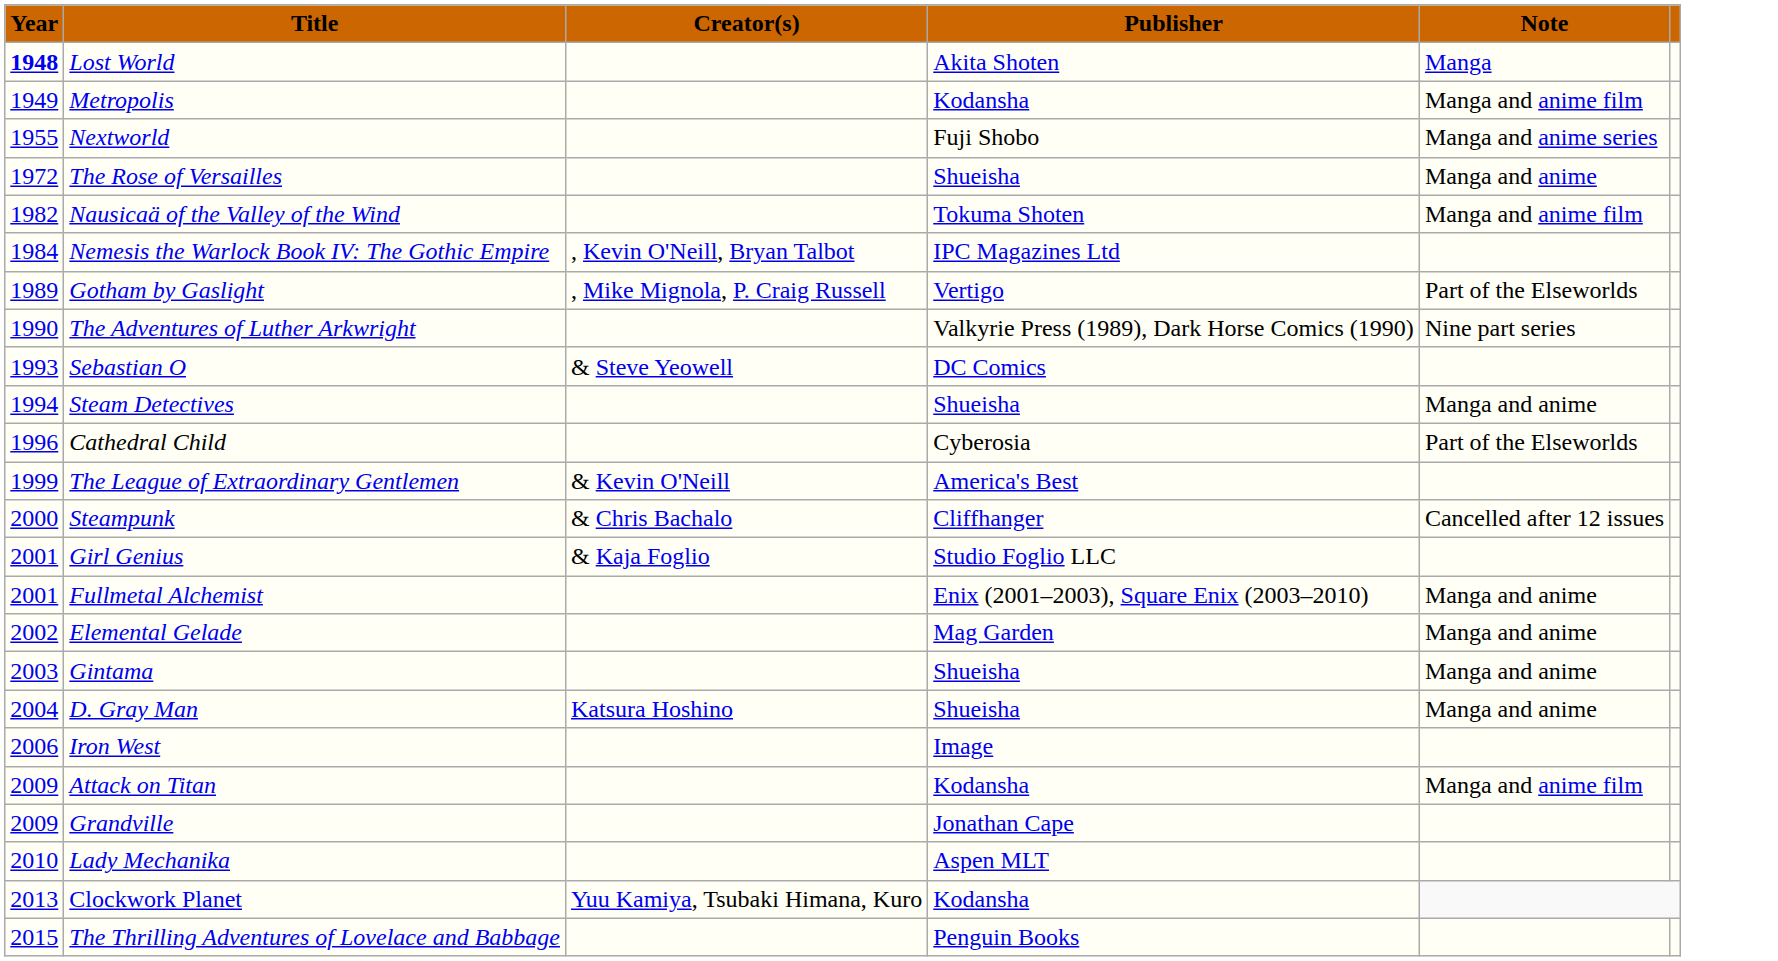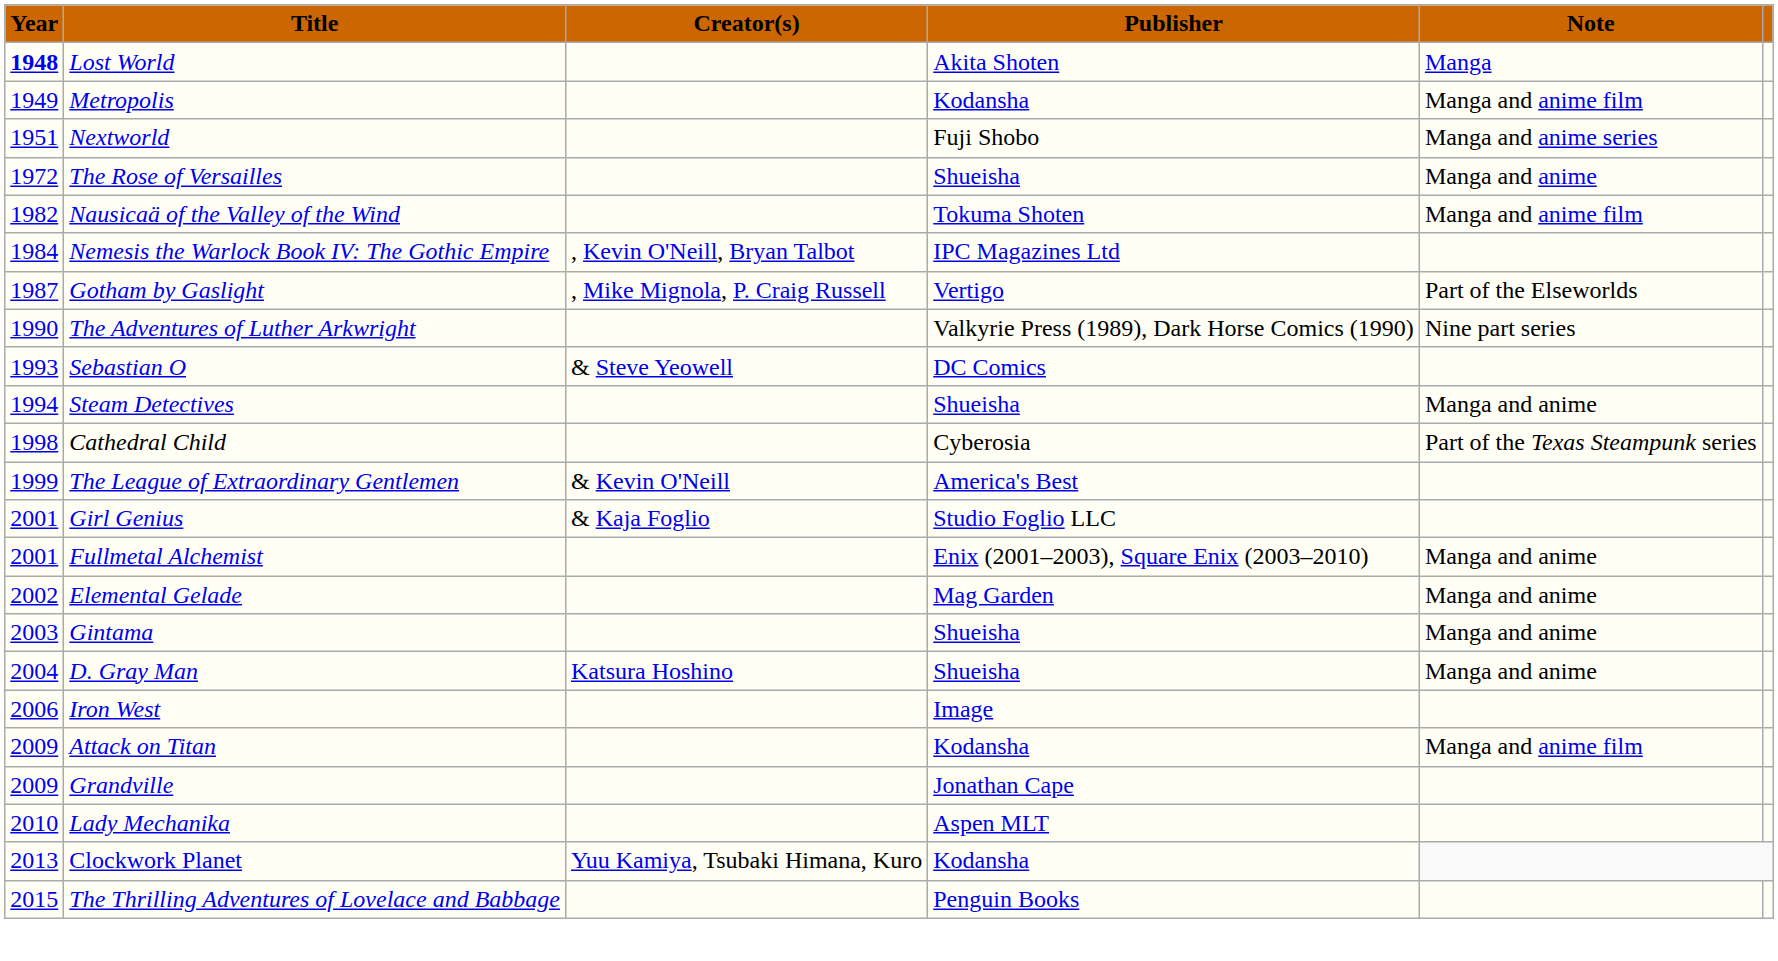 <table class="sortable wikitable">
 <tr>
 <th style="background:#c60; width=9%">Year</th>
 <th style="background:#c60; width=25%">Title</th>
 <th style="background:#c60; width=25%">Creator(s)</th>
 <th style="background:#c60; width=10%">Publisher</th>
 <th style="background:#c60; width=3%">Note</th>
 <th style="background:#c60; width=3%" class="unsortable"></th>
 </tr>
 <tr style="background:#fffff6">
 <td style="text-align:center;"><strong><a href='#'>1948</a></strong></td>
 <td><em><a href='#'>Lost World</a></em></td>
 <td></td>
 <td><a href='#'>Akita Shoten</a></td>
 <td><a href='#'>Manga</a></td>
 <td style="text-align:center;"></td>
 </tr>
 <tr style="background:#fffff6">
 <td style="text-align:center;"><a href='#'>1949</a></td>
 <td><em><a href='#'>Metropolis</a></em></td>
 <td></td>
 <td><a href='#'>Kodansha</a></td>
 <td>Manga and <a href='#'>anime film</a></td>
 <td style="text-align:center;"></td>
 </tr>
 <tr style="background:#fffff6">
-<td style="text-align:center;"><a href='#'>1955</a></td>
+<td style="text-align:center;"><a href='#'>1951</a></td>
 <td><em><a href='#'>Nextworld</a></em></td>
 <td></td>
 <td>Fuji Shobo</td>
 <td>Manga and <a href='#'>anime series</a></td>
 <td style="text-align:center;"></td>
 </tr>
 <tr style="background:#fffff6">
 <td style="text-align:center;"><a href='#'>1972</a></td>
 <td><em><a href='#'>The Rose of Versailles</a></em></td>
 <td></td>
 <td><a href='#'>Shueisha</a></td>
 <td>Manga and <a href='#'>anime</a></td>
 <td style="text-align:center;"></td>
 </tr>
 <tr style="background:#fffff6">
 <td style="text-align:center;"><a href='#'>1982</a></td>
 <td><em><a href='#'>Nausicaä of the Valley of the Wind</a></em></td>
 <td></td>
 <td><a href='#'>Tokuma Shoten</a></td>
 <td>Manga and <a href='#'>anime film</a></td>
 <td style="text-align:center;"></td>
 </tr>
 <tr style="background:#fffff6">
 <td style="text-align:center;"><a href='#'>1984</a></td>
 <td><em><a href='#'>Nemesis the Warlock Book IV: The Gothic Empire</a></em></td>
 <td>, <a href='#'>Kevin O'Neill</a>, <a href='#'>Bryan Talbot</a></td>
 <td><a href='#'>IPC Magazines Ltd</a></td>
 <td></td>
 <td style="text-align:center;"></td>
 </tr>
 <tr style="background:#fffff6">
-<td style="text-align:center;"><a href='#'>1989</a></td>
+<td style="text-align:center;"><a href='#'>1987</a></td>
 <td><em><a href='#'>Gotham by Gaslight</a></em></td>
 <td>, <a href='#'>Mike Mignola</a>, <a href='#'>P. Craig Russell</a></td>
 <td><a href='#'>Vertigo</a></td>
 <td>Part of the Elseworlds</td>
 <td style="text-align:center;"></td>
 </tr>
 <tr style="background:#fffff6">
 <td style="text-align:center;"><a href='#'>1990</a></td>
 <td><em><a href='#'>The Adventures of Luther Arkwright</a></em></td>
 <td></td>
 <td>Valkyrie Press (1989), Dark Horse Comics (1990)</td>
 <td>Nine part series</td>
 <td style="text-align:center;"></td>
 </tr>
 <tr style="background:#fffff6">
 <td style="text-align:center;"><a href='#'>1993</a></td>
 <td><em><a href='#'>Sebastian O</a></em></td>
 <td> & <a href='#'>Steve Yeowell</a></td>
 <td><a href='#'>DC Comics</a></td>
 <td></td>
 <td style="text-align:center;"></td>
 </tr>
 <tr style="background:#fffff6">
 <td style="text-align:center;"><a href='#'>1994</a></td>
 <td><em><a href='#'>Steam Detectives</a></em></td>
 <td></td>
 <td><a href='#'>Shueisha</a></td>
 <td>Manga and anime</td>
 <td style="text-align:center;"></td>
 </tr>
 <tr style="background:#fffff6">
-<td style="text-align:center;"><a href='#'>1996</a></td>
+<td style="text-align:center;"><a href='#'>1998</a></td>
 <td><em>Cathedral Child</em></td>
 <td></td>
 <td>Cyberosia</td>
-<td>Part of the Elseworlds</td>
+<td>Part of the <em>Texas Steampunk</em> series</td>
 <td style="text-align:center;"></td>
 </tr>
 <tr style="background:#fffff6">
 <td style="text-align:center;"><a href='#'>1999</a></td>
 <td><em><a href='#'>The League of Extraordinary Gentlemen</a></em></td>
 <td> & <a href='#'>Kevin O'Neill</a></td>
 <td><a href='#'>America's Best</a></td>
 <td></td>
-<td style="text-align:center;"></td>
-</tr>
-<tr style="background:#fffff6">
-<td style="text-align:center;"><a href='#'>2000</a></td>
-<td><em><a href='#'>Steampunk</a></em></td>
-<td> & <a href='#'>Chris Bachalo</a></td>
-<td><a href='#'>Cliffhanger</a></td>
-<td>Cancelled after 12 issues</td>
 <td style="text-align:center;"></td>
 </tr>
 <tr style="background:#fffff6">
 <td style="text-align:center;"><a href='#'>2001</a></td>
 <td><em><a href='#'>Girl Genius</a></em></td>
 <td> & <a href='#'>Kaja Foglio</a></td>
 <td><a href='#'>Studio Foglio</a> LLC</td>
 <td></td>
 <td style="text-align:center;"></td>
 </tr>
 <tr style="background:#fffff6">
 <td style="text-align:center;"><a href='#'>2001</a></td>
 <td><em><a href='#'>Fullmetal Alchemist</a></em></td>
 <td></td>
 <td><a href='#'>Enix</a> (2001–2003), <a href='#'>Square Enix</a> (2003–2010)</td>
 <td>Manga and anime</td>
 <td style="text-align:center;"></td>
 </tr>
 <tr style="background:#fffff6">
 <td style="text-align:center;"><a href='#'>2002</a></td>
 <td><em><a href='#'>Elemental Gelade</a></em></td>
 <td></td>
 <td><a href='#'>Mag Garden</a></td>
 <td>Manga and anime</td>
 <td style="text-align:center;"></td>
 </tr>
 <tr style="background:#fffff6">
 <td style="text-align:center;"><a href='#'>2003</a></td>
 <td><em><a href='#'>Gintama</a></em></td>
 <td></td>
 <td><a href='#'>Shueisha</a></td>
 <td>Manga and anime</td>
 <td style="text-align:center;"></td>
 </tr>
 <tr style="background:#fffff6">
 <td style="text-align:center;"><a href='#'>2004</a></td>
 <td><em><a href='#'>D. Gray Man</a></em></td>
 <td><a href='#'>Katsura Hoshino</a></td>
 <td><a href='#'>Shueisha</a></td>
 <td>Manga and anime</td>
 <td style="text-align:center;"></td>
 </tr>
 <tr style="background:#fffff6">
 <td style="text-align:center;"><a href='#'>2006</a></td>
 <td><em><a href='#'>Iron West</a></em></td>
 <td></td>
 <td><a href='#'>Image</a></td>
 <td></td>
 <td style="text-align:center;"></td>
 </tr>
 <tr style="background:#fffff6">
 <td style="text-align:center;"><a href='#'>2009</a></td>
 <td><em><a href='#'>Attack on Titan</a></em></td>
 <td></td>
 <td><a href='#'>Kodansha</a></td>
 <td>Manga and <a href='#'>anime film</a></td>
 <td style="text-align:center;"></td>
 </tr>
 <tr style="background:#fffff6">
 <td style="text-align:center;"><a href='#'>2009</a></td>
 <td><em><a href='#'>Grandville</a></em></td>
 <td></td>
 <td><a href='#'>Jonathan Cape</a></td>
 <td></td>
 <td style="text-align:center;"></td>
 </tr>
 <tr style="background:#fffff6">
 <td style="text-align:center;"><a href='#'>2010</a></td>
 <td><em><a href='#'>Lady Mechanika</a></em></td>
 <td></td>
 <td><a href='#'>Aspen MLT</a></td>
 <td></td>
 <td style="text-align:center;"></td>
 </tr>
 <tr style="background:#fffff6">
 <td style="text-align:center;"><a href='#'>2013</a></td>
 <td><a href='#'>Clockwork Planet</a></td>
 <td><a href='#'>Yuu Kamiya</a>, Tsubaki Himana, Kuro</td>
 <td><a href='#'>Kodansha</a></td>
 </tr>
 <tr style="background:#fffff6">
 <td style="text-align:center;"><a href='#'>2015</a></td>
 <td><em><a href='#'>The Thrilling Adventures of Lovelace and Babbage</a></em></td>
 <td></td>
 <td><a href='#'>Penguin Books</a></td>
 <td></td>
 <td></td>
 </tr>
 </table>
